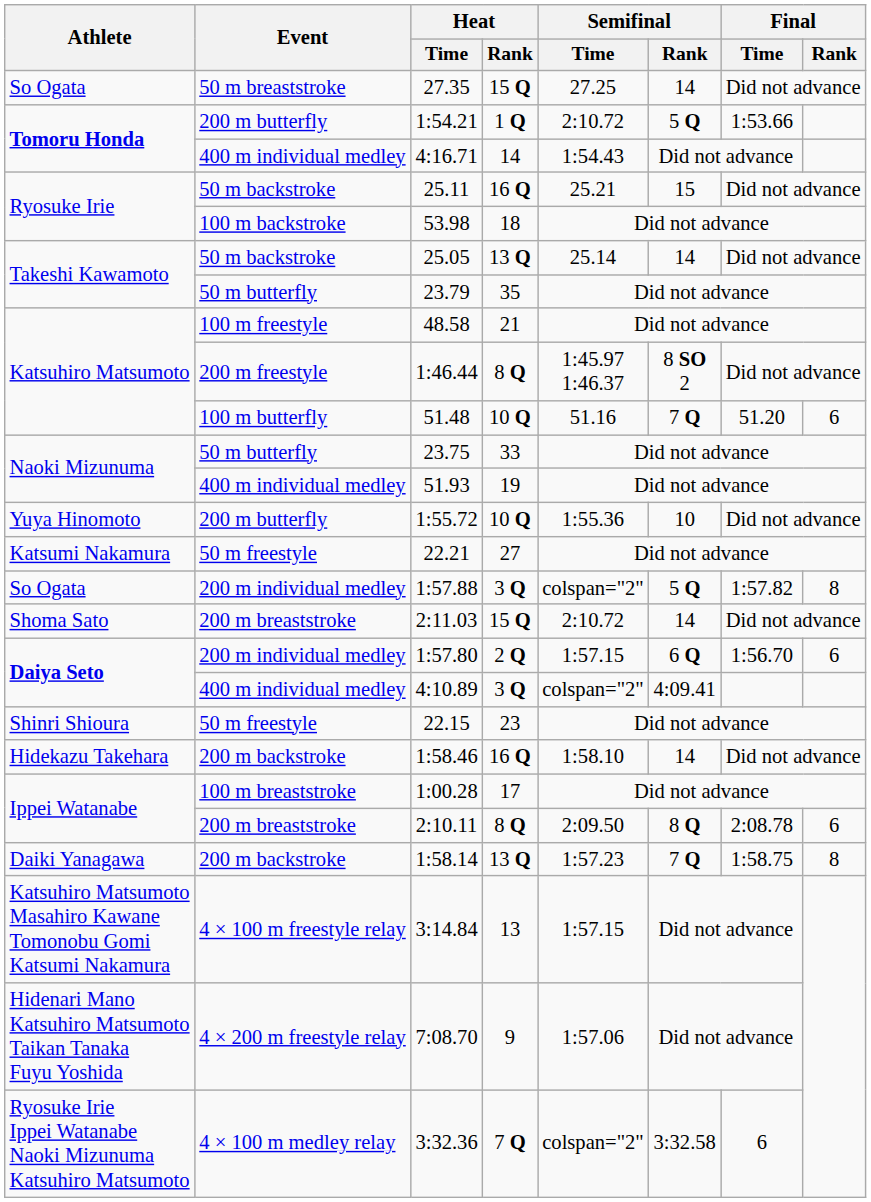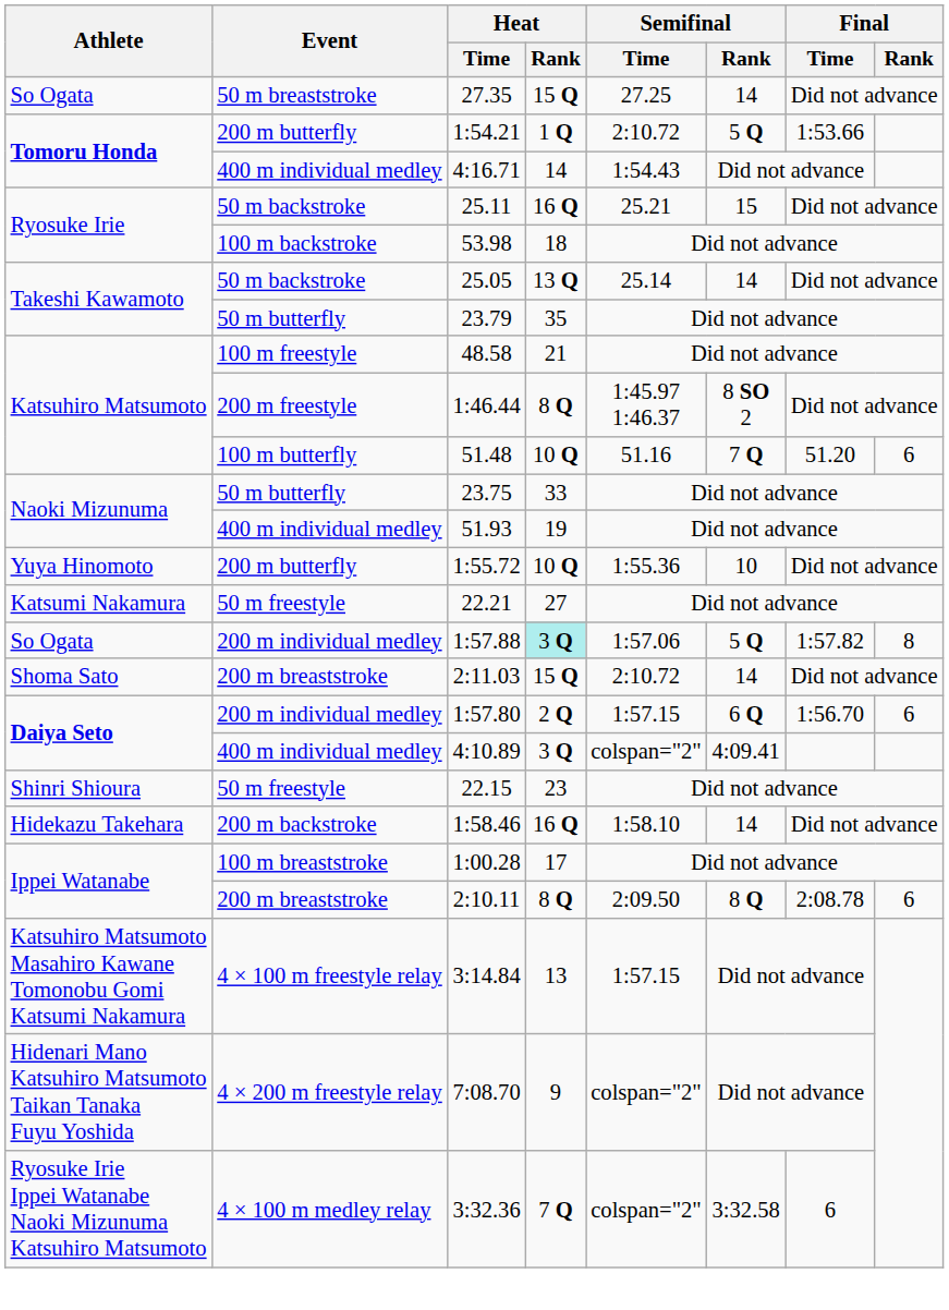 <table class="wikitable" style="text-align:center; font-size:90%;">
 <tr>
 <th rowspan="2">Athlete</th>
 <th rowspan="2">Event</th>
 <th colspan="2">Heat</th>
 <th colspan="2">Semifinal</th>
 <th colspan="2">Final</th>
 </tr>
 <tr style="font-size:95%">
 <th>Time</th>
 <th>Rank</th>
 <th>Time</th>
 <th>Rank</th>
 <th>Time</th>
 <th>Rank</th>
 </tr>
 <tr>
 <td align=left><a href='#'>So Ogata</a></td>
 <td align=left><a href='#'>50 m breaststroke</a></td>
 <td>27.35</td>
 <td>15 <strong>Q</strong></td>
 <td>27.25</td>
 <td>14</td>
 <td colspan="2">Did not advance</td>
 </tr>
 <tr>
 <td align=left rowspan=2><strong><a href='#'>Tomoru Honda</a></strong></td>
 <td align=left><a href='#'>200 m butterfly</a></td>
 <td>1:54.21</td>
 <td>1 <strong>Q</strong></td>
 <td>2:10.72</td>
 <td>5 <strong>Q</strong></td>
 <td>1:53.66</td>
 <td></td>
 </tr>
 <tr>
 <td align=left><a href='#'>400 m individual medley</a></td>
 <td>4:16.71</td>
 <td>14</td>
 <td>1:54.43</td>
 <td colspan="2">Did not advance</td>
 </tr>
 <tr>
 <td align=left rowspan=2><a href='#'>Ryosuke Irie</a></td>
 <td align=left><a href='#'>50 m backstroke</a></td>
 <td>25.11</td>
 <td>16 <strong>Q</strong></td>
 <td>25.21</td>
 <td>15</td>
 <td colspan=2>Did not advance</td>
 </tr>
 <tr>
 <td align=left><a href='#'>100 m backstroke</a></td>
 <td>53.98</td>
 <td>18</td>
 <td colspan=4>Did not advance</td>
 </tr>
 <tr>
 <td align=left rowspan=2><a href='#'>Takeshi Kawamoto</a></td>
 <td align=left><a href='#'>50 m backstroke</a></td>
 <td>25.05</td>
 <td>13 <strong>Q</strong></td>
 <td>25.14</td>
 <td>14</td>
 <td colspan=2>Did not advance</td>
 </tr>
 <tr>
 <td align=left><a href='#'>50 m butterfly</a></td>
 <td>23.79</td>
 <td>35</td>
 <td colspan=4>Did not advance</td>
 </tr>
 <tr>
 <td align=left rowspan=3><a href='#'>Katsuhiro Matsumoto</a></td>
 <td align=left><a href='#'>100 m freestyle</a></td>
 <td>48.58</td>
 <td>21</td>
 <td colspan=4>Did not advance</td>
 </tr>
 <tr>
 <td align=left><a href='#'>200 m freestyle</a></td>
 <td>1:46.44</td>
 <td>8 <strong>Q</strong></td>
 <td>1:45.97<br>1:46.37</td>
 <td>8 <strong>SO</strong><br>2</td>
 <td colspan="2">Did not advance</td>
 </tr>
 <tr>
 <td align=left><a href='#'>100 m butterfly</a></td>
 <td>51.48</td>
 <td>10 <strong>Q</strong></td>
 <td>51.16</td>
 <td>7 <strong>Q</strong></td>
 <td>51.20</td>
 <td>6</td>
 </tr>
 <tr>
 <td align=left rowspan=2><a href='#'>Naoki Mizunuma</a></td>
 <td align=left><a href='#'>50 m butterfly</a></td>
 <td>23.75</td>
 <td>33</td>
 <td colspan=4>Did not advance</td>
 </tr>
 <tr>
 <td align=left><a href='#'>400 m individual medley</a></td>
 <td>51.93</td>
 <td>19</td>
 <td colspan=4>Did not advance</td>
 </tr>
 <tr>
 <td align=left><a href='#'>Yuya Hinomoto</a></td>
 <td align=left><a href='#'>200 m butterfly</a></td>
 <td>1:55.72</td>
 <td>10 <strong>Q</strong></td>
 <td>1:55.36</td>
 <td>10</td>
 <td colspan=2>Did not advance</td>
 </tr>
 <tr>
 <td align=left><a href='#'>Katsumi Nakamura</a></td>
 <td align=left><a href='#'>50 m freestyle</a></td>
 <td>22.21</td>
 <td>27</td>
 <td colspan=4>Did not advance</td>
 </tr>
 <tr>
 <td align=left><a href='#'>So Ogata</a></td>
 <td align=left><a href='#'>200 m individual medley</a></td>
 <td>1:57.88</td>
-<td>3 <strong>Q</strong></td>
-<td>colspan="2" </td>
+<td style="background: paleturquoise;">3 <strong>Q</strong></td>
+<td>1:57.06</td>
 <td>5 <strong>Q</strong></td>
 <td>1:57.82</td>
 <td>8</td>
 </tr>
 <tr>
 <td align=left><a href='#'>Shoma Sato</a></td>
 <td align=left><a href='#'>200 m breaststroke</a></td>
 <td>2:11.03</td>
 <td>15 <strong>Q</strong></td>
 <td>2:10.72</td>
 <td>14</td>
 <td colspan=2>Did not advance</td>
 </tr>
 <tr>
 <td align=left rowspan=2><strong><a href='#'>Daiya Seto</a></strong></td>
 <td align=left><a href='#'>200 m individual medley</a></td>
 <td>1:57.80</td>
 <td>2 <strong>Q</strong></td>
 <td>1:57.15</td>
 <td>6 <strong>Q</strong></td>
 <td>1:56.70</td>
 <td>6</td>
 </tr>
 <tr>
 <td align=left><a href='#'>400 m individual medley</a></td>
 <td>4:10.89</td>
 <td>3 <strong>Q</strong></td>
 <td>colspan="2" </td>
 <td>4:09.41</td>
 <td></td>
 </tr>
 <tr>
 <td align=left><a href='#'>Shinri Shioura</a></td>
 <td align=left><a href='#'>50 m freestyle</a></td>
 <td>22.15</td>
 <td>23</td>
 <td colspan=4>Did not advance</td>
 </tr>
 <tr>
 <td align=left><a href='#'>Hidekazu Takehara</a></td>
 <td align=left><a href='#'>200 m backstroke</a></td>
 <td>1:58.46</td>
 <td>16 <strong>Q</strong></td>
 <td>1:58.10</td>
 <td>14</td>
 <td colspan=2>Did not advance</td>
 </tr>
 <tr>
 <td align=left rowspan=2><a href='#'>Ippei Watanabe</a></td>
 <td align=left><a href='#'>100 m breaststroke</a></td>
 <td>1:00.28</td>
 <td>17</td>
 <td colspan=4>Did not advance</td>
 </tr>
 <tr>
 <td align=left><a href='#'>200 m breaststroke</a></td>
 <td>2:10.11</td>
 <td>8 <strong>Q</strong></td>
 <td>2:09.50</td>
 <td>8 <strong>Q</strong></td>
 <td>2:08.78</td>
 <td>6</td>
 </tr>
 <tr>
-<td align=left><a href='#'>Daiki Yanagawa</a></td>
-<td align=left><a href='#'>200 m backstroke</a></td>
-<td>1:58.14</td>
-<td>13 <strong>Q</strong></td>
-<td>1:57.23</td>
-<td>7 <strong>Q</strong></td>
-<td>1:58.75</td>
-<td>8</td>
-</tr>
-<tr>
 <td align=left><a href='#'>Katsuhiro Matsumoto</a> <br><a href='#'>Masahiro Kawane</a> <br><a href='#'>Tomonobu Gomi</a> <br><a href='#'>Katsumi Nakamura</a></td>
 <td align=left><a href='#'>4 × 100 m freestyle relay</a></td>
 <td>3:14.84</td>
 <td>13</td>
 <td>1:57.15</td>
 <td colspan="2">Did not advance</td>
 </tr>
 <tr>
 <td align=left><a href='#'>Hidenari Mano</a><br><a href='#'>Katsuhiro Matsumoto</a> <br><a href='#'>Taikan Tanaka</a><br><a href='#'>Fuyu Yoshida</a></td>
 <td align=left><a href='#'>4 × 200 m freestyle relay</a></td>
 <td>7:08.70</td>
 <td>9</td>
-<td>1:57.06</td>
+<td>colspan="2" </td>
 <td colspan="2">Did not advance</td>
 </tr>
 <tr>
 <td align=left><a href='#'>Ryosuke Irie</a> <br><a href='#'>Ippei Watanabe</a><br><a href='#'>Naoki Mizunuma</a> <br><a href='#'>Katsuhiro Matsumoto</a></td>
 <td align=left><a href='#'>4 × 100 m medley relay</a></td>
 <td>3:32.36</td>
 <td>7 <strong>Q</strong></td>
 <td>colspan="2" </td>
 <td>3:32.58</td>
 <td>6</td>
 </tr>
 </table>
